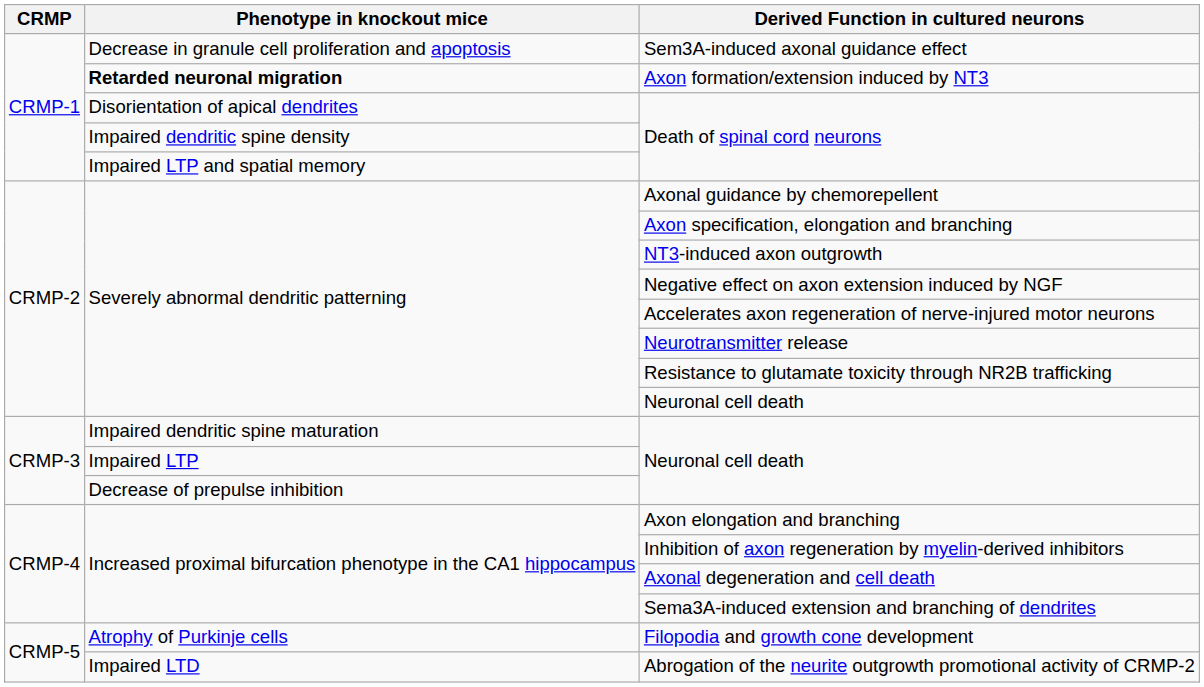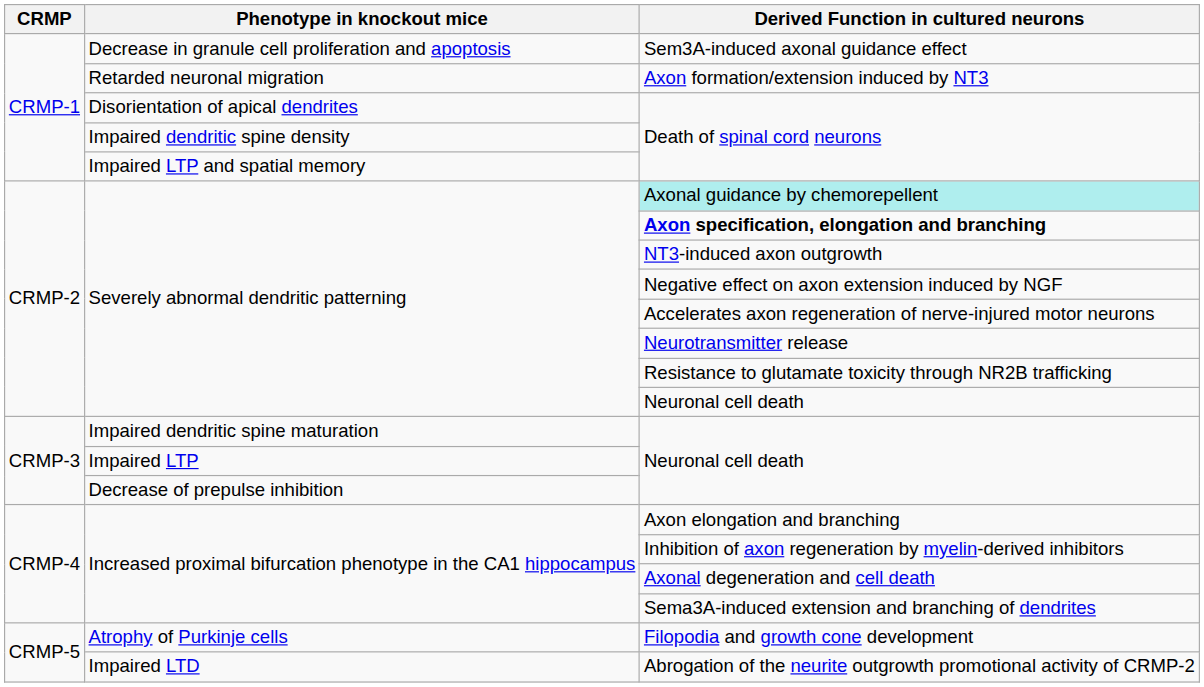 <table class="sortable wikitable">
 <tr>
 <th><strong>CRMP</strong></th>
 <th><strong>Phenotype in knockout mice</strong></th>
 <th><strong>Derived Function in cultured neurons</strong></th>
 </tr>
 <tr>
 <td rowspan="5"><a href='#'>CRMP-1</a></td>
 <td>Decrease in granule cell proliferation and <a href='#'>apoptosis</a></td>
 <td>Sem3A-induced axonal guidance effect</td>
 </tr>
 <tr>
-<td><strong>Retarded neuronal migration</strong></td>
+<td>Retarded neuronal migration</td>
 <td><a href='#'>Axon</a> formation/extension induced by <a href='#'>NT3</a></td>
 </tr>
 <tr>
 <td>Disorientation of apical <a href='#'>dendrites</a></td>
 <td rowspan="3">Death of <a href='#'>spinal cord</a> <a href='#'>neurons</a></td>
 </tr>
 <tr>
 <td>Impaired <a href='#'>dendritic</a> spine density</td>
 </tr>
 <tr>
 <td>Impaired <a href='#'>LTP</a> and spatial memory</td>
 </tr>
 <tr>
 <td rowspan="8">CRMP-2</td>
 <td rowspan="8">Severely abnormal dendritic patterning</td>
-<td>Axonal guidance by chemorepellent</td>
+<td style="background: paleturquoise;">Axonal guidance by chemorepellent</td>
 </tr>
 <tr>
-<td><a href='#'>Axon</a> specification, elongation and branching</td>
+<td><strong><a href='#'>Axon</a> specification, elongation and branching</strong></td>
 </tr>
 <tr>
 <td><a href='#'>NT3</a>-induced axon outgrowth</td>
 </tr>
 <tr>
 <td>Negative effect on axon extension induced by NGF</td>
 </tr>
 <tr>
 <td>Accelerates axon regeneration of nerve-injured motor neurons</td>
 </tr>
 <tr>
 <td><a href='#'>Neurotransmitter</a> release</td>
 </tr>
 <tr>
 <td>Resistance to glutamate toxicity through NR2B trafficking</td>
 </tr>
 <tr>
 <td>Neuronal cell death</td>
 </tr>
 <tr>
 <td rowspan="3">CRMP-3</td>
 <td>Impaired dendritic spine maturation</td>
 <td rowspan="3">Neuronal cell death</td>
 </tr>
 <tr>
 <td>Impaired <a href='#'>LTP</a></td>
 </tr>
 <tr>
 <td>Decrease of prepulse inhibition</td>
 </tr>
 <tr>
 <td rowspan="4">CRMP-4</td>
 <td rowspan="4">Increased proximal bifurcation phenotype in the CA1 <a href='#'>hippocampus</a></td>
 <td>Axon elongation and branching</td>
 </tr>
 <tr>
 <td>Inhibition of <a href='#'>axon</a> regeneration by <a href='#'>myelin</a>-derived inhibitors</td>
 </tr>
 <tr>
 <td><a href='#'>Axonal</a> degeneration and <a href='#'>cell death</a></td>
 </tr>
 <tr>
 <td>Sema3A-induced extension and branching of <a href='#'>dendrites</a></td>
 </tr>
 <tr>
 <td rowspan="2">CRMP-5</td>
 <td><a href='#'>Atrophy</a> of <a href='#'>Purkinje cells</a></td>
 <td><a href='#'>Filopodia</a> and <a href='#'>growth cone</a> development</td>
 </tr>
 <tr>
 <td>Impaired <a href='#'>LTD</a></td>
 <td>Abrogation of the <a href='#'>neurite</a> outgrowth promotional activity of CRMP-2</td>
 </tr>
 </table>
